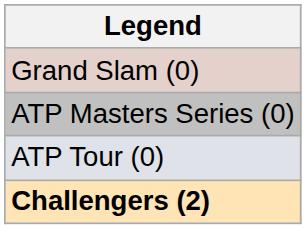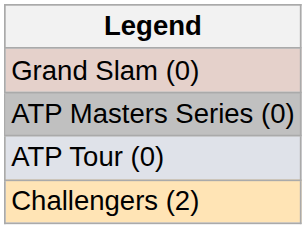 <table class=wikitable>
 <tr>
 <th>Legend</th>
 </tr>
 <tr bgcolor=e5d1cb>
 <td>Grand Slam (0)</td>
 </tr>
 <tr bgcolor=silver>
 <td>ATP Masters Series (0)</td>
 </tr>
 <tr bgcolor=dfe2e9>
 <td>ATP Tour (0)</td>
 </tr>
 <tr bgcolor=moccasin>
-<td><strong>Challengers (2)</strong></td>
+<td>Challengers (2)</td>
 </tr>
 </table>
